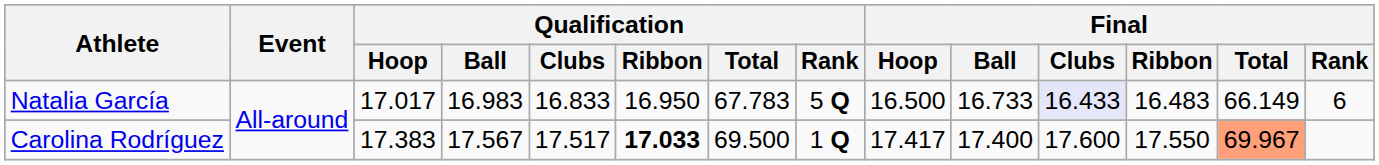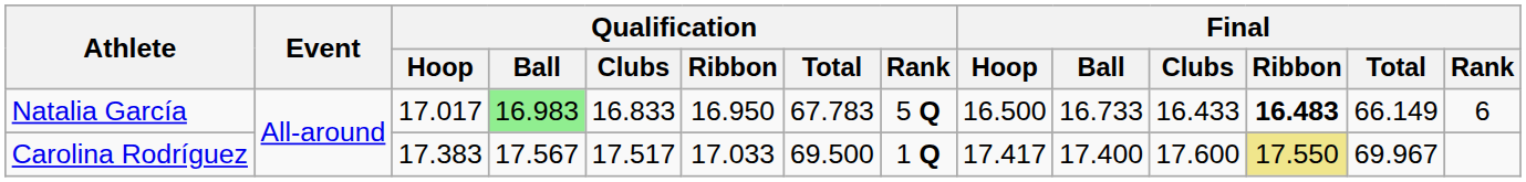 <table class=wikitable style="font-size:90%">
 <tr>
 <th rowspan="2">Athlete</th>
 <th rowspan="2">Event</th>
 <th colspan=6>Qualification</th>
 <th colspan=6>Final</th>
 </tr>
 <tr style="font-size:95%">
 <th>Hoop</th>
 <th>Ball</th>
 <th>Clubs</th>
 <th>Ribbon</th>
 <th>Total</th>
 <th>Rank</th>
 <th>Hoop</th>
 <th>Ball</th>
 <th>Clubs</th>
 <th>Ribbon</th>
 <th>Total</th>
 <th>Rank</th>
 </tr>
 <tr align=center>
 <td align=left><a href='#'>Natalia García</a></td>
 <td align=left rowspan=2><a href='#'>All-around</a></td>
 <td>17.017</td>
-<td>16.983</td>
+<td style="background: lightgreen;">16.983</td>
 <td>16.833</td>
 <td>16.950</td>
 <td>67.783</td>
 <td>5 <strong>Q</strong></td>
 <td>16.500</td>
 <td>16.733</td>
-<td style="background: lavender;">16.433</td>
-<td>16.483</td>
+<td>16.433</td>
+<td><strong>16.483</strong></td>
 <td>66.149</td>
 <td>6</td>
 </tr>
 <tr align=center>
 <td align=left><a href='#'>Carolina Rodríguez</a></td>
 <td>17.383</td>
 <td>17.567</td>
 <td>17.517</td>
-<td><strong>17.033</strong></td>
+<td>17.033</td>
 <td>69.500</td>
 <td>1 <strong>Q</strong></td>
 <td>17.417</td>
 <td>17.400</td>
 <td>17.600</td>
-<td>17.550</td>
-<td style="background: lightsalmon;">69.967</td>
+<td style="background: khaki;">17.550</td>
+<td>69.967</td>
 <td></td>
 </tr>
 </table>
